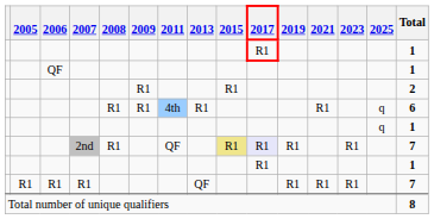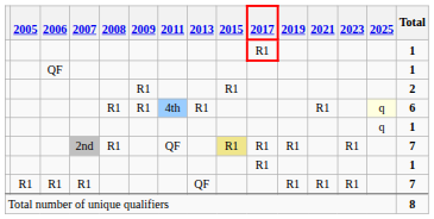 <table class="wikitable" style="text-align:center">
 <tr>
 <th></th>
 <th><br><a href='#'>2005</a></th>
 <th><br><a href='#'>2006</a></th>
 <th><br><a href='#'>2007</a></th>
 <th><br><a href='#'>2008</a></th>
 <th><br><a href='#'>2009</a></th>
 <th><br><a href='#'>2011</a></th>
 <th><br><a href='#'>2013</a></th>
 <th><br><a href='#'>2015</a></th>
 <th style="border:3px solid red"><br><a href='#'>2017</a></th>
 <th><br><a href='#'>2019</a></th>
 <th><br><a href='#'>2021</a></th>
 <th><br><a href='#'>2023</a></th>
 <th><br><a href='#'>2025</a></th>
 <th>Total</th>
 </tr>
 <tr>
 <td align=left></td>
 <td></td>
 <td></td>
 <td></td>
 <td></td>
 <td></td>
 <td></td>
 <td></td>
 <td></td>
 <td style="border: 3px solid red">R1</td>
 <td></td>
 <td></td>
 <td></td>
 <td></td>
 <td><strong>1</strong></td>
 </tr>
 <tr>
 <td align=left></td>
 <td></td>
 <td>QF</td>
 <td></td>
 <td></td>
 <td></td>
 <td></td>
 <td></td>
 <td></td>
 <td></td>
 <td></td>
 <td></td>
 <td></td>
 <td></td>
 <td><strong>1</strong></td>
 </tr>
 <tr>
 <td align=left></td>
 <td></td>
 <td></td>
 <td></td>
 <td></td>
 <td>R1</td>
 <td></td>
 <td></td>
 <td>R1</td>
 <td></td>
 <td></td>
 <td></td>
 <td></td>
 <td></td>
 <td><strong>2</strong></td>
 </tr>
 <tr>
 <td align=left></td>
 <td></td>
 <td></td>
 <td></td>
 <td>R1</td>
 <td>R1</td>
 <td bgcolor=#9acdff>4th</td>
 <td>R1</td>
 <td></td>
 <td></td>
 <td></td>
 <td>R1</td>
 <td></td>
-<td>q</td>
+<td style="background: lightyellow;">q</td>
 <td><strong>6</strong></td>
 </tr>
 <tr>
 <td align=left></td>
 <td></td>
 <td></td>
 <td></td>
 <td></td>
 <td></td>
 <td></td>
 <td></td>
 <td></td>
 <td></td>
 <td></td>
 <td></td>
 <td></td>
 <td>q</td>
 <td><strong>1</strong></td>
 </tr>
 <tr>
 <td align=left></td>
 <td></td>
 <td></td>
 <td bgcolor=silver>2nd</td>
 <td>R1</td>
 <td></td>
 <td>QF</td>
 <td></td>
 <td style="background: khaki;">R1</td>
-<td style="background: lavender;">R1</td>
+<td>R1</td>
 <td>R1</td>
 <td></td>
 <td>R1</td>
 <td></td>
 <td><strong>7</strong></td>
 </tr>
 <tr>
 <td align=left></td>
 <td></td>
 <td></td>
 <td></td>
 <td></td>
 <td></td>
 <td></td>
 <td></td>
 <td></td>
 <td>R1</td>
 <td></td>
 <td></td>
 <td></td>
 <td></td>
 <td><strong>1</strong></td>
 </tr>
 <tr>
 <td align=left></td>
 <td>R1</td>
 <td>R1</td>
 <td>R1</td>
 <td></td>
 <td></td>
 <td></td>
 <td>QF</td>
 <td></td>
 <td></td>
 <td>R1</td>
 <td>R1</td>
 <td>R1</td>
 <td></td>
 <td><strong>7</strong></td>
 </tr>
 <tr style="border-top: 2.5px solid grey">
 <td align=left colspan=14>Total number of unique qualifiers</td>
 <td><strong>8</strong></td>
 </tr>
 </table>
